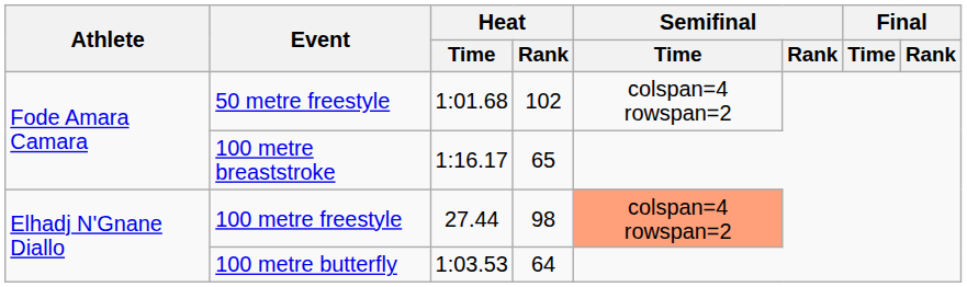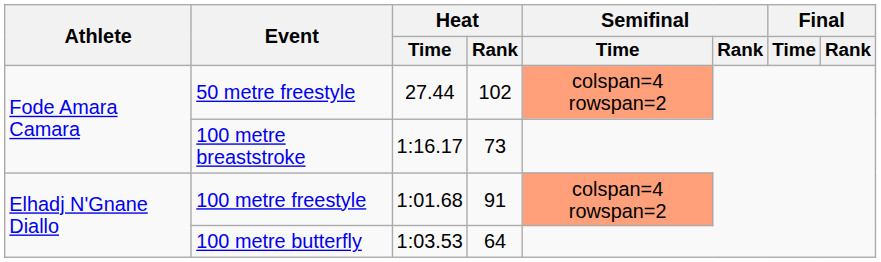 <table class="wikitable" style="text-align:center; font-size:90%; width:50%;">
 <tr>
 <th rowspan="2">Athlete</th>
 <th rowspan="2">Event</th>
 <th colspan="2">Heat</th>
 <th colspan="2">Semifinal</th>
 <th colspan="2">Final</th>
 </tr>
 <tr style="font-size:95%">
 <th>Time</th>
 <th>Rank</th>
 <th>Time</th>
 <th>Rank</th>
 <th>Time</th>
 <th>Rank</th>
 </tr>
 <tr align=center>
 <td align=left rowspan=2><a href='#'>Fode Amara Camara</a></td>
 <td align=left><a href='#'>50 metre freestyle</a></td>
-<td>1:01.68</td>
+<td>27.44</td>
 <td>102</td>
-<td>colspan=4  rowspan=2 </td>
+<td style="background: lightsalmon;">colspan=4  rowspan=2 </td>
 </tr>
 <tr align=center>
 <td align=left><a href='#'>100 metre breaststroke</a></td>
 <td>1:16.17</td>
-<td>65</td>
+<td>73</td>
 </tr>
 <tr align=center>
 <td align=left rowspan=2><a href='#'>Elhadj N'Gnane Diallo</a></td>
 <td align=left><a href='#'>100 metre freestyle</a></td>
-<td>27.44</td>
-<td>98</td>
+<td>1:01.68</td>
+<td>91</td>
 <td style="background: lightsalmon;">colspan=4  rowspan=2 </td>
 </tr>
 <tr align=center>
 <td align=left><a href='#'>100 metre butterfly</a></td>
 <td>1:03.53</td>
 <td>64</td>
 </tr>
 </table>
